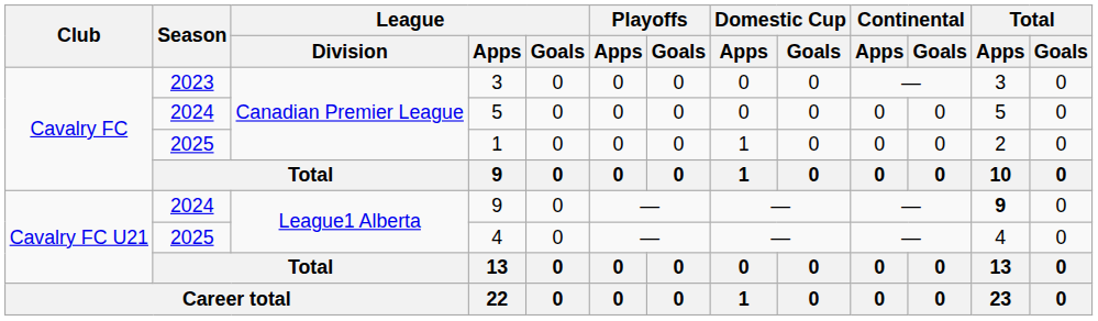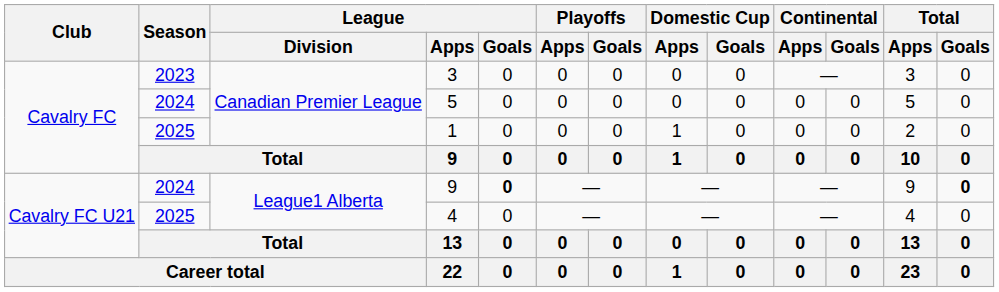 <table class="wikitable" style="text-align: center;">
 <tr>
 <th rowspan="2">Club</th>
 <th rowspan="2">Season</th>
 <th colspan="3">League</th>
 <th colspan="2">Playoffs</th>
 <th colspan="2">Domestic Cup</th>
 <th colspan="2">Continental</th>
 <th colspan="2">Total</th>
 </tr>
 <tr>
 <th>Division</th>
 <th>Apps</th>
 <th>Goals</th>
 <th>Apps</th>
 <th>Goals</th>
 <th>Apps</th>
 <th>Goals</th>
 <th>Apps</th>
 <th>Goals</th>
 <th>Apps</th>
 <th>Goals</th>
 </tr>
 <tr>
 <td rowspan="4"><a href='#'>Cavalry FC</a></td>
 <td><a href='#'>2023</a></td>
 <td rowspan="3"><a href='#'>Canadian Premier League</a></td>
 <td>3</td>
 <td>0</td>
 <td>0</td>
 <td>0</td>
 <td>0</td>
 <td>0</td>
 <td colspan="2">—</td>
 <td>3</td>
 <td>0</td>
 </tr>
 <tr>
 <td><a href='#'>2024</a></td>
 <td>5</td>
 <td>0</td>
 <td>0</td>
 <td>0</td>
 <td>0</td>
 <td>0</td>
 <td>0</td>
 <td>0</td>
 <td>5</td>
 <td>0</td>
 </tr>
 <tr>
 <td><a href='#'>2025</a></td>
 <td>1</td>
 <td>0</td>
 <td>0</td>
 <td>0</td>
 <td>1</td>
 <td>0</td>
 <td>0</td>
 <td>0</td>
 <td>2</td>
 <td>0</td>
 </tr>
 <tr>
 <th colspan="2">Total</th>
 <th>9</th>
 <th>0</th>
 <th>0</th>
 <th>0</th>
 <th>1</th>
 <th>0</th>
 <th>0</th>
 <th>0</th>
 <th>10</th>
 <th>0</th>
 </tr>
 <tr>
 <td rowspan="3"><a href='#'>Cavalry FC U21</a></td>
 <td><a href='#'>2024</a></td>
 <td rowspan="2"><a href='#'>League1 Alberta</a></td>
 <td>9</td>
-<td>0</td>
+<td><strong>0</strong></td>
 <td colspan="2">—</td>
 <td colspan="2">—</td>
 <td colspan="2">—</td>
-<td><strong>9</strong></td>
-<td>0</td>
+<td>9</td>
+<td><strong>0</strong></td>
 </tr>
 <tr>
 <td><a href='#'>2025</a></td>
 <td>4</td>
 <td>0</td>
 <td colspan="2">—</td>
 <td colspan="2">—</td>
 <td colspan="2">—</td>
 <td>4</td>
 <td>0</td>
 </tr>
 <tr>
 <th colspan="2">Total</th>
 <th>13</th>
 <th>0</th>
 <th>0</th>
 <th>0</th>
 <th>0</th>
 <th>0</th>
 <th>0</th>
 <th>0</th>
 <th>13</th>
 <th>0</th>
 </tr>
 <tr>
 <th colspan="3">Career total</th>
 <th>22</th>
 <th>0</th>
 <th>0</th>
 <th>0</th>
 <th>1</th>
 <th>0</th>
 <th>0</th>
 <th>0</th>
 <th>23</th>
 <th>0</th>
 </tr>
 </table>
